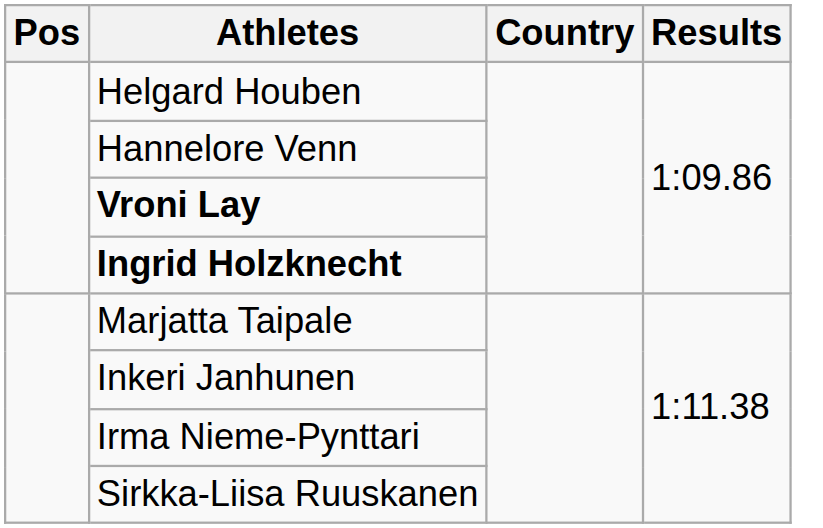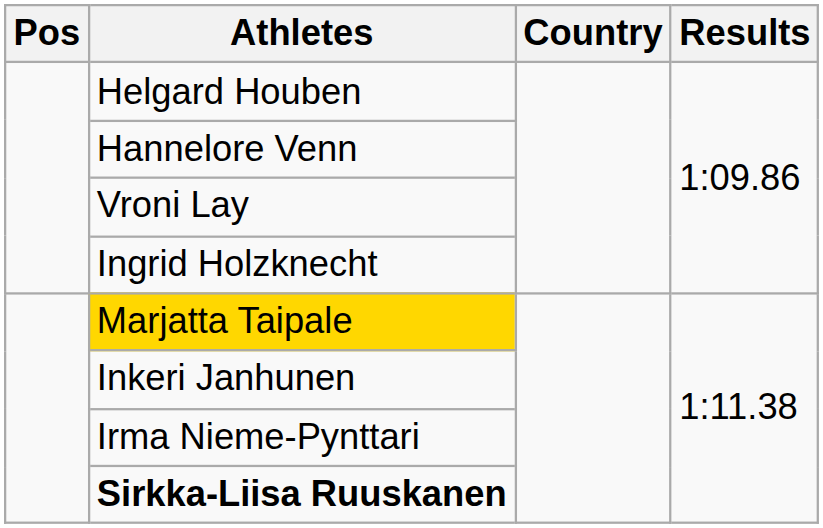 <table class="wikitable">
 <tr>
 <th>Pos</th>
 <th>Athletes</th>
 <th>Country</th>
 <th>Results</th>
 </tr>
 <tr>
 <td rowspan="4"></td>
 <td>Helgard Houben</td>
 <td rowspan="4"></td>
 <td rowspan="4">1:09.86</td>
 </tr>
 <tr>
 <td>Hannelore Venn</td>
 </tr>
 <tr>
-<td><strong>Vroni Lay</strong></td>
+<td>Vroni Lay</td>
 </tr>
 <tr>
-<td><strong>Ingrid Holzknecht</strong></td>
+<td>Ingrid Holzknecht</td>
 </tr>
 <tr>
 <td rowspan="4"></td>
-<td>Marjatta Taipale</td>
+<td style="background: gold;">Marjatta Taipale</td>
 <td rowspan="4"></td>
 <td rowspan="4">1:11.38</td>
 </tr>
 <tr>
 <td>Inkeri Janhunen</td>
 </tr>
 <tr>
 <td>Irma Nieme-Pynttari</td>
 </tr>
 <tr>
-<td>Sirkka-Liisa Ruuskanen</td>
+<td><strong>Sirkka-Liisa Ruuskanen</strong></td>
 </tr>
 </table>
